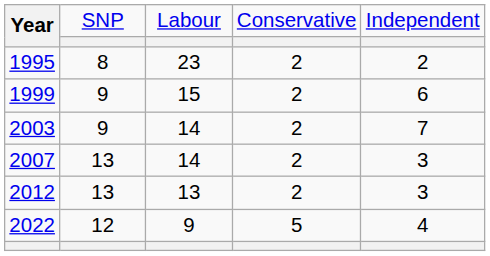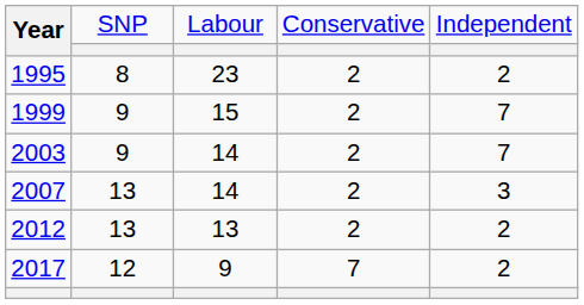 <table class=wikitable style=text-align:center>
 <tr>
 <th rowspan=2>Year</th>
 <td width="60"><a href='#'>SNP</a></td>
 <td width="60"><a href='#'>Labour</a></td>
 <td width="60"><a href='#'>Conservative</a></td>
 <td width="60"><a href='#'>Independent</a></td>
 </tr>
 <tr>
 <th style="background-color: "></th>
 <th style="background-color: "></th>
 <th style="background-color: "></th>
 <th style="background-color: "></th>
 </tr>
 <tr>
 <td><a href='#'>1995</a></td>
 <td>8</td>
 <td>23</td>
 <td>2</td>
 <td>2</td>
 </tr>
 <tr>
 <td><a href='#'>1999</a></td>
 <td>9</td>
 <td>15</td>
 <td>2</td>
-<td>6</td>
+<td>7</td>
 </tr>
 <tr>
 <td><a href='#'>2003</a></td>
 <td>9</td>
 <td>14</td>
 <td>2</td>
 <td>7</td>
 </tr>
 <tr>
 <td><a href='#'>2007</a></td>
 <td>13</td>
 <td>14</td>
 <td>2</td>
 <td>3</td>
 </tr>
 <tr>
 <td><a href='#'>2012</a></td>
 <td>13</td>
 <td>13</td>
 <td>2</td>
-<td>3</td>
+<td>2</td>
 </tr>
 <tr>
-<td><a href='#'>2022</a></td>
+<td><a href='#'>2017</a></td>
 <td>12</td>
 <td>9</td>
-<td>5</td>
-<td>4</td>
+<td>7</td>
+<td>2</td>
 </tr>
 <tr>
 <th></th>
 <th style="background-color: "></th>
 <th style="background-color: "></th>
 <th style="background-color: "></th>
 <th style="background-color: "></th>
 </tr>
 </table>
